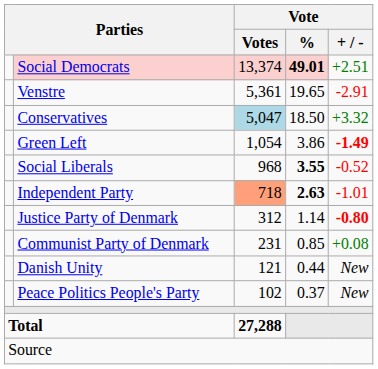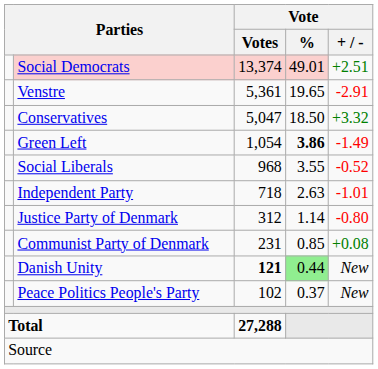 <table class="wikitable" style="text-align:right;">
 <tr>
 <th style="text-align:centre;" rowspan="2" colspan="2" width="225">Parties</th>
 <th colspan="3">Vote</th>
 </tr>
 <tr>
 <th width="15">Votes</th>
 <th width="15">%</th>
 <th width="15">+ / -</th>
 </tr>
 <tr>
 <td width="2" style="color:inherit;background:"></td>
 <td bgcolor=#fbd0ce  align="left"><a href='#'>Social Democrats</a></td>
 <td bgcolor=#fbd0ce>13,374</td>
-<td bgcolor=#fbd0ce><strong>49.01</strong></td>
+<td bgcolor=#fbd0ce>49.01</td>
 <td style=color:green;>+2.51</td>
 </tr>
 <tr>
 <td width="2" style="color:inherit;background:"></td>
 <td align="left"><a href='#'>Venstre</a></td>
 <td>5,361</td>
 <td>19.65</td>
 <td style=color:red;>-2.91</td>
 </tr>
 <tr>
 <td width="2" style="color:inherit;background:"></td>
 <td align="left"><a href='#'>Conservatives</a></td>
-<td style="background: lightblue;">5,047</td>
+<td>5,047</td>
 <td>18.50</td>
 <td style=color:green;>+3.32</td>
 </tr>
 <tr>
 <td width="2" style="color:inherit;background:"></td>
 <td align="left"><a href='#'>Green Left</a></td>
 <td>1,054</td>
-<td>3.86</td>
-<td style=color:red;><strong>-1.49</strong></td>
+<td><strong>3.86</strong></td>
+<td style=color:red;>-1.49</td>
 </tr>
 <tr>
 <td width="2" style="color:inherit;background:"></td>
 <td align="left"><a href='#'>Social Liberals</a></td>
 <td>968</td>
-<td><strong>3.55</strong></td>
+<td>3.55</td>
 <td style=color:red;>-0.52</td>
 </tr>
 <tr>
 <td width="2" style="color:inherit;background:"></td>
 <td align="left"><a href='#'>Independent Party</a></td>
-<td style="background: lightsalmon;">718</td>
-<td><strong>2.63</strong></td>
+<td>718</td>
+<td>2.63</td>
 <td style=color:red;>-1.01</td>
 </tr>
 <tr>
 <td width="2" style="color:inherit;background:"></td>
 <td align="left"><a href='#'>Justice Party of Denmark</a></td>
 <td>312</td>
 <td>1.14</td>
-<td style=color:red;><strong>-0.80</strong></td>
+<td style=color:red;>-0.80</td>
 </tr>
 <tr>
 <td width="2" style="color:inherit;background:"></td>
 <td align="left"><a href='#'>Communist Party of Denmark</a></td>
 <td>231</td>
 <td>0.85</td>
 <td style=color:green;>+0.08</td>
 </tr>
 <tr>
 <td width="2" style="color:inherit;background:"></td>
 <td align="left"><a href='#'>Danish Unity</a></td>
-<td>121</td>
-<td>0.44</td>
+<td><strong>121</strong></td>
+<td style="background: lightgreen;">0.44</td>
 <td><em>New</em></td>
 </tr>
 <tr>
 <td width="2" style="color:inherit;background:"></td>
 <td align="left"><a href='#'>Peace Politics People's Party</a></td>
 <td>102</td>
 <td>0.37</td>
 <td><em>New</em></td>
 </tr>
 <tr>
 <td colspan="7" bgcolor="#E9E9E9"></td>
 </tr>
 <tr>
 <td align="left" colspan="2"><strong>Total</strong></td>
 <td><strong>27,288</strong></td>
 <td bgcolor="#E9E9E9" colspan="2"></td>
 </tr>
 <tr>
 <td align="left" colspan="6">Source</td>
 </tr>
 </table>
